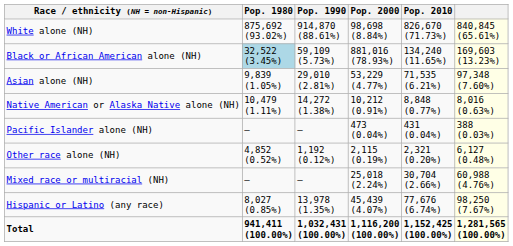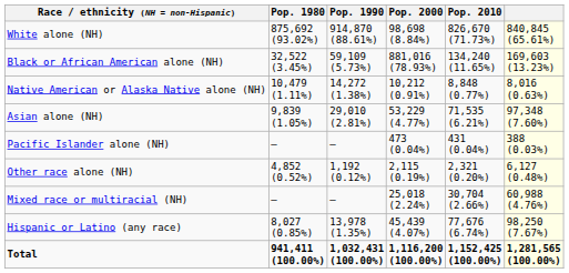 <table class="wikitable sortable collapsible" style="font-size: 95%;">
 <tr>
 <th>Race / ethnicity <small>(<em>NH = non-Hispanic</em>)</small></th>
 <th>Pop. 1980</th>
 <th>Pop. 1990</th>
 <th>Pop. 2000</th>
 <th>Pop. 2010</th>
 <th></th>
 </tr>
 <tr>
 <td><a href='#'>White</a> alone (NH)</td>
 <td>875,692<br>(93.02%)</td>
 <td>914,870<br>(88.61%)</td>
 <td>98,698<br>(8.84%)</td>
 <td>826,670<br>(71.73%)</td>
 <td style='background: #ffffe6;'>840,845<br>(65.61%)</td>
 </tr>
 <tr>
 <td><a href='#'>Black or African American</a> alone (NH)</td>
-<td style="background: lightblue;">32,522<br>(3.45%)</td>
+<td>32,522<br>(3.45%)</td>
 <td>59,109<br>(5.73%)</td>
 <td>881,016<br>(78.93%)</td>
 <td>134,240<br>(11.65%)</td>
 <td style='background: #ffffe6;'>169,603<br>(13.23%)</td>
+</tr>
+<tr>
+<td><a href='#'>Native American</a> or <a href='#'>Alaska Native</a> alone (NH)</td>
+<td>10,479<br>(1.11%)</td>
+<td>14,272<br>(1.38%)</td>
+<td>10,212<br>(0.91%)</td>
+<td>8,848<br>(0.77%)</td>
+<td style='background: #ffffe6;'>8,016<br>(0.63%)</td>
 </tr>
 <tr>
 <td><a href='#'>Asian</a> alone (NH)</td>
 <td>9,839<br>(1.05%)</td>
 <td>29,010<br>(2.81%)</td>
 <td>53,229<br>(4.77%)</td>
 <td>71,535<br>(6.21%)</td>
 <td style='background: #ffffe6;'>97,348<br>(7.60%)</td>
-</tr>
-<tr>
-<td><a href='#'>Native American</a> or <a href='#'>Alaska Native</a> alone (NH)</td>
-<td>10,479<br>(1.11%)</td>
-<td>14,272<br>(1.38%)</td>
-<td>10,212<br>(0.91%)</td>
-<td>8,848<br>(0.77%)</td>
-<td style='background: #ffffe6;'>8,016<br>(0.63%)</td>
 </tr>
 <tr>
 <td><a href='#'>Pacific Islander</a> alone (NH)</td>
 <td>—</td>
 <td>—</td>
 <td>473<br>(0.04%)</td>
 <td>431<br>(0.04%)</td>
 <td style='background: #ffffe6;'>388<br>(0.03%)</td>
 </tr>
 <tr>
 <td><a href='#'>Other race</a> alone (NH)</td>
 <td>4,852<br>(0.52%)</td>
 <td>1,192<br>(0.12%)</td>
 <td>2,115<br>(0.19%)</td>
 <td>2,321<br>(0.20%)</td>
 <td style='background: #ffffe6;'>6,127<br>(0.48%)</td>
 </tr>
 <tr>
 <td><a href='#'>Mixed race or multiracial</a> (NH)</td>
 <td>—</td>
 <td>—</td>
 <td>25,018<br>(2.24%)</td>
 <td>30,704<br>(2.66%)</td>
 <td style='background: #ffffe6;'>60,988<br>(4.76%)</td>
 </tr>
 <tr>
 <td><a href='#'>Hispanic or Latino</a> (any race)</td>
 <td>8,027<br>(0.85%)</td>
 <td>13,978<br>(1.35%)</td>
 <td>45,439<br>(4.07%)</td>
 <td>77,676<br>(6.74%)</td>
 <td style='background: #ffffe6;'>98,250<br>(7.67%)</td>
 </tr>
 <tr>
 <td><strong>Total</strong></td>
 <td><strong>941,411<br>(100.00%)</strong></td>
 <td><strong>1,032,431<br>(100.00%)</strong></td>
 <td><strong>1,116,200<br>(100.00%)</strong></td>
 <td><strong>1,152,425<br>(100.00%)</strong></td>
 <td style='background: #ffffe6;'><strong>1,281,565<br>(100.00%)</strong></td>
 </tr>
 </table>
